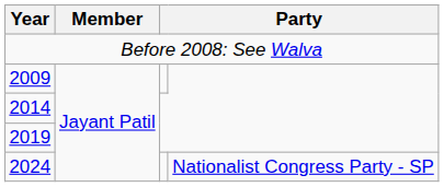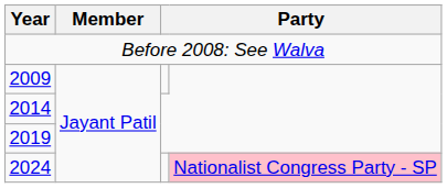 <table class="wikitable">
 <tr>
 <th>Year</th>
 <th>Member</th>
 <th colspan=2>Party</th>
 </tr>
 <tr>
 <td colspan="4" align="center"><em>Before 2008: See <a href='#'>Walva</a></em></td>
 </tr>
 <tr>
 <td><a href='#'>2009</a></td>
 <td rowspan="4"><a href='#'>Jayant Patil</a></td>
 <td></td>
 </tr>
 <tr>
 <td><a href='#'>2014</a></td>
 </tr>
 <tr>
 <td><a href='#'>2019</a></td>
 </tr>
 <tr>
 <td><a href='#'>2024</a></td>
 <td style="background-color: "></td>
-<td><a href='#'>Nationalist Congress Party - SP</a></td>
+<td style="background: pink;"><a href='#'>Nationalist Congress Party - SP</a></td>
 </tr>
 </table>
